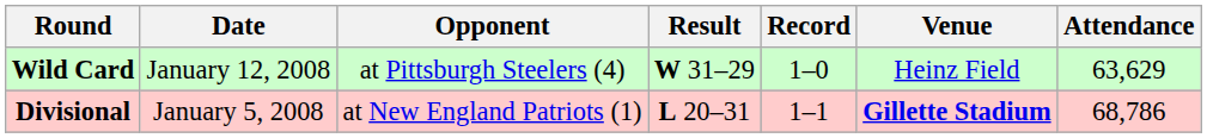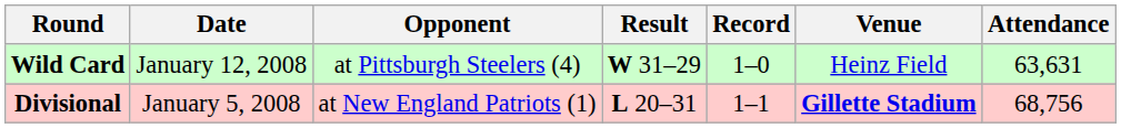 <table class="wikitable" style="text-align:center">
 <tr>
 <th>Round</th>
 <th>Date</th>
 <th>Opponent</th>
 <th>Result</th>
 <th>Record</th>
 <th>Venue</th>
 <th>Attendance</th>
 </tr>
 <tr style="background: #cfc;" align="center">
 <td><strong>Wild Card</strong></td>
 <td>January 12, 2008</td>
 <td>at <a href='#'>Pittsburgh Steelers</a> (4)</td>
 <td><strong>W</strong> 31–29</td>
 <td>1–0</td>
 <td><a href='#'>Heinz Field</a></td>
-<td>63,629</td>
+<td>63,631</td>
 </tr>
 <tr style="background: #fcc;" align="center">
 <td><strong>Divisional</strong></td>
 <td>January 5, 2008</td>
 <td>at <a href='#'>New England Patriots</a> (1)</td>
 <td><strong>L</strong> 20–31</td>
 <td>1–1</td>
 <td><strong><a href='#'>Gillette Stadium</a></strong></td>
-<td>68,786</td>
+<td>68,756</td>
 </tr>
 </table>
